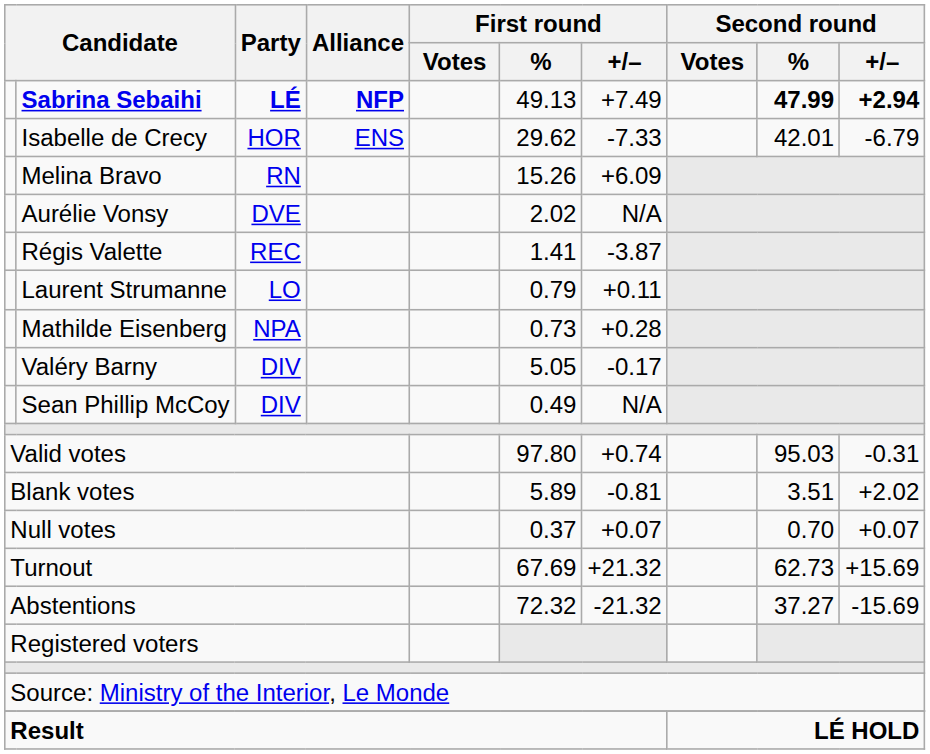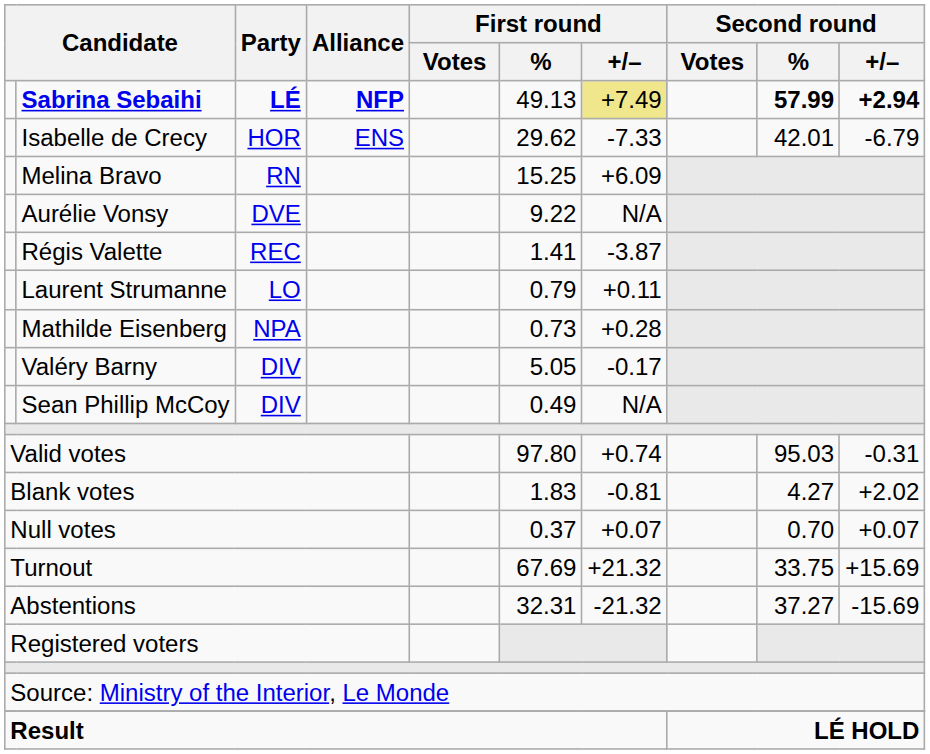 <table class="wikitable" style="text-align:right;font-size:95%;">
 <tr>
 <th rowspan="2" colspan="2">Candidate</th>
 <th rowspan="2">Party</th>
 <th rowspan="2">Alliance</th>
 <th colspan="3">First round</th>
 <th colspan="3">Second round</th>
 </tr>
 <tr>
 <th style="width:50px;">Votes</th>
 <th style="width:45px;">%</th>
 <th style="width:45px;">+/–</th>
 <th style="width:50px;">Votes</th>
 <th style="width:45px;">%</th>
 <th style="width:45px;">+/–</th>
 </tr>
 <tr>
 <td style="color:inherit;background:"></td>
 <td style="text-align:left;"><strong><a href='#'>Sabrina Sebaihi</a></strong></td>
 <td><a href='#'><strong>LÉ</strong></a></td>
 <td><a href='#'><strong>NFP</strong></a></td>
 <td></td>
 <td>49.13</td>
-<td>+7.49</td>
+<td style="background: khaki;">+7.49</td>
 <td><strong></strong></td>
-<td><strong>47.99</strong></td>
+<td><strong>57.99</strong></td>
 <td><strong>+2.94</strong></td>
 </tr>
 <tr>
 <td style="color:inherit;background:"></td>
 <td style="text-align:left;">Isabelle de Crecy</td>
 <td><a href='#'>HOR</a></td>
 <td><a href='#'>ENS</a></td>
 <td></td>
 <td>29.62</td>
 <td>-7.33</td>
 <td></td>
 <td>42.01</td>
 <td>-6.79</td>
 </tr>
 <tr>
 <td style="color:inherit;background:"></td>
 <td style="text-align:left;">Melina Bravo</td>
 <td><a href='#'>RN</a></td>
 <td></td>
 <td></td>
-<td>15.26</td>
+<td>15.25</td>
 <td>+6.09</td>
 <td colspan="3" style="background:#E9E9E9;"></td>
 </tr>
 <tr>
 <td style="color:inherit;background:"></td>
 <td style="text-align:left;">Aurélie Vonsy</td>
 <td><a href='#'>DVE</a></td>
 <td></td>
 <td></td>
-<td>2.02</td>
+<td>9.22</td>
 <td>N/A</td>
 <td colspan="3" style="background:#E9E9E9;"></td>
 </tr>
 <tr>
 <td style="color:inherit;background:"></td>
 <td style="text-align:left;">Régis Valette</td>
 <td><a href='#'>REC</a></td>
 <td></td>
 <td></td>
 <td>1.41</td>
 <td>-3.87</td>
 <td colspan="3" style="background:#E9E9E9;"></td>
 </tr>
 <tr>
 <td style="color:inherit;background:"></td>
 <td style="text-align:left;">Laurent Strumanne</td>
 <td><a href='#'>LO</a></td>
 <td></td>
 <td></td>
 <td>0.79</td>
 <td>+0.11</td>
 <td colspan="3" style="background:#E9E9E9;"></td>
 </tr>
 <tr>
 <td style="color:inherit;background:"></td>
 <td style="text-align:left;">Mathilde Eisenberg</td>
 <td><a href='#'>NPA</a></td>
 <td></td>
 <td></td>
 <td>0.73</td>
 <td>+0.28</td>
 <td colspan="3" style="background:#E9E9E9;"></td>
 </tr>
 <tr>
 <td style="color:inherit;background:"></td>
 <td style="text-align:left;">Valéry Barny</td>
 <td><a href='#'>DIV</a></td>
 <td></td>
 <td></td>
 <td>5.05</td>
 <td>-0.17</td>
 <td colspan="3" style="background:#E9E9E9;"></td>
 </tr>
 <tr>
 <td style="color:inherit;background:"></td>
 <td style="text-align:left;">Sean Phillip McCoy</td>
 <td><a href='#'>DIV</a></td>
 <td></td>
 <td></td>
 <td>0.49</td>
 <td>N/A</td>
 <td colspan="3" style="background:#E9E9E9;"></td>
 </tr>
 <tr>
 <td colspan="10" style="background:#E9E9E9;"></td>
 </tr>
 <tr>
 <td colspan="4" style="text-align:left;">Valid votes</td>
 <td></td>
 <td>97.80</td>
 <td>+0.74</td>
 <td></td>
 <td>95.03</td>
 <td>-0.31</td>
 </tr>
 <tr>
 <td colspan="4" style="text-align:left;">Blank votes</td>
 <td></td>
-<td>5.89</td>
+<td>1.83</td>
 <td>-0.81</td>
 <td></td>
-<td>3.51</td>
+<td>4.27</td>
 <td>+2.02</td>
 </tr>
 <tr>
 <td colspan="4" style="text-align:left;">Null votes</td>
 <td></td>
 <td>0.37</td>
 <td>+0.07</td>
 <td></td>
 <td>0.70</td>
 <td>+0.07</td>
 </tr>
 <tr>
 <td colspan="4" style="text-align:left;">Turnout</td>
 <td></td>
 <td>67.69</td>
 <td>+21.32</td>
 <td></td>
-<td>62.73</td>
+<td>33.75</td>
 <td>+15.69</td>
 </tr>
 <tr>
 <td colspan="4" style="text-align:left;">Abstentions</td>
 <td></td>
-<td>72.32</td>
+<td>32.31</td>
 <td>-21.32</td>
 <td></td>
 <td>37.27</td>
 <td>-15.69</td>
 </tr>
 <tr>
 <td colspan="4" style="text-align:left;">Registered voters</td>
 <td></td>
 <td colspan="2" style="background:#E9E9E9;"></td>
 <td></td>
 <td colspan="2" style="background:#E9E9E9;"></td>
 </tr>
 <tr>
 <td colspan="10" style="background:#E9E9E9;"></td>
 </tr>
 <tr>
 <td colspan="10" style="text-align:left;">Source: <a href='#'>Ministry of the Interior</a>, <a href='#'>Le Monde</a></td>
 </tr>
 <tr>
 </tr>
 <tr style="font-weight:bold">
 <td colspan="7" style="text-align:left;">Result</td>
 <td colspan="7" style="background-color:">LÉ HOLD</td>
 </tr>
 </table>
